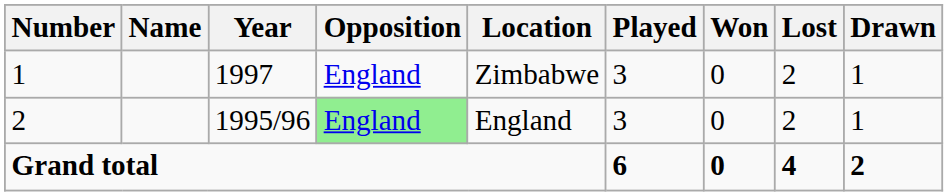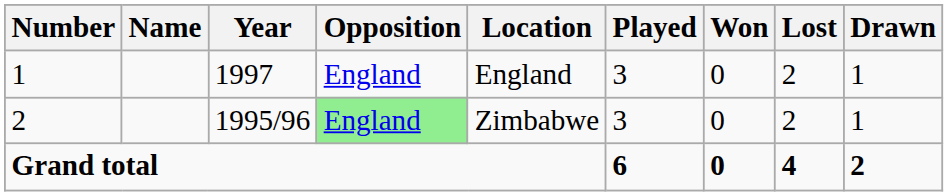 <table class="sortable wikitable">
 <tr style="background:#efefef;">
 <th>Number</th>
 <th>Name</th>
 <th>Year</th>
 <th>Opposition</th>
 <th>Location</th>
 <th>Played</th>
 <th>Won</th>
 <th>Lost</th>
 <th>Drawn</th>
 </tr>
 <tr>
 <td>1</td>
 <td></td>
 <td>1997</td>
 <td><a href='#'>England</a></td>
-<td>Zimbabwe</td>
+<td>England</td>
 <td>3</td>
 <td>0</td>
 <td>2</td>
 <td>1</td>
 </tr>
 <tr>
 <td>2</td>
 <td></td>
 <td>1995/96</td>
 <td style="background: lightgreen;"><a href='#'>England</a></td>
-<td>England</td>
+<td>Zimbabwe</td>
 <td>3</td>
 <td>0</td>
 <td>2</td>
 <td>1</td>
 </tr>
 <tr class="sortbottom">
 <td colspan=5><strong>Grand total</strong></td>
 <td><strong>6</strong></td>
 <td><strong>0</strong></td>
 <td><strong>4</strong></td>
 <td><strong>2</strong></td>
 </tr>
 </table>
